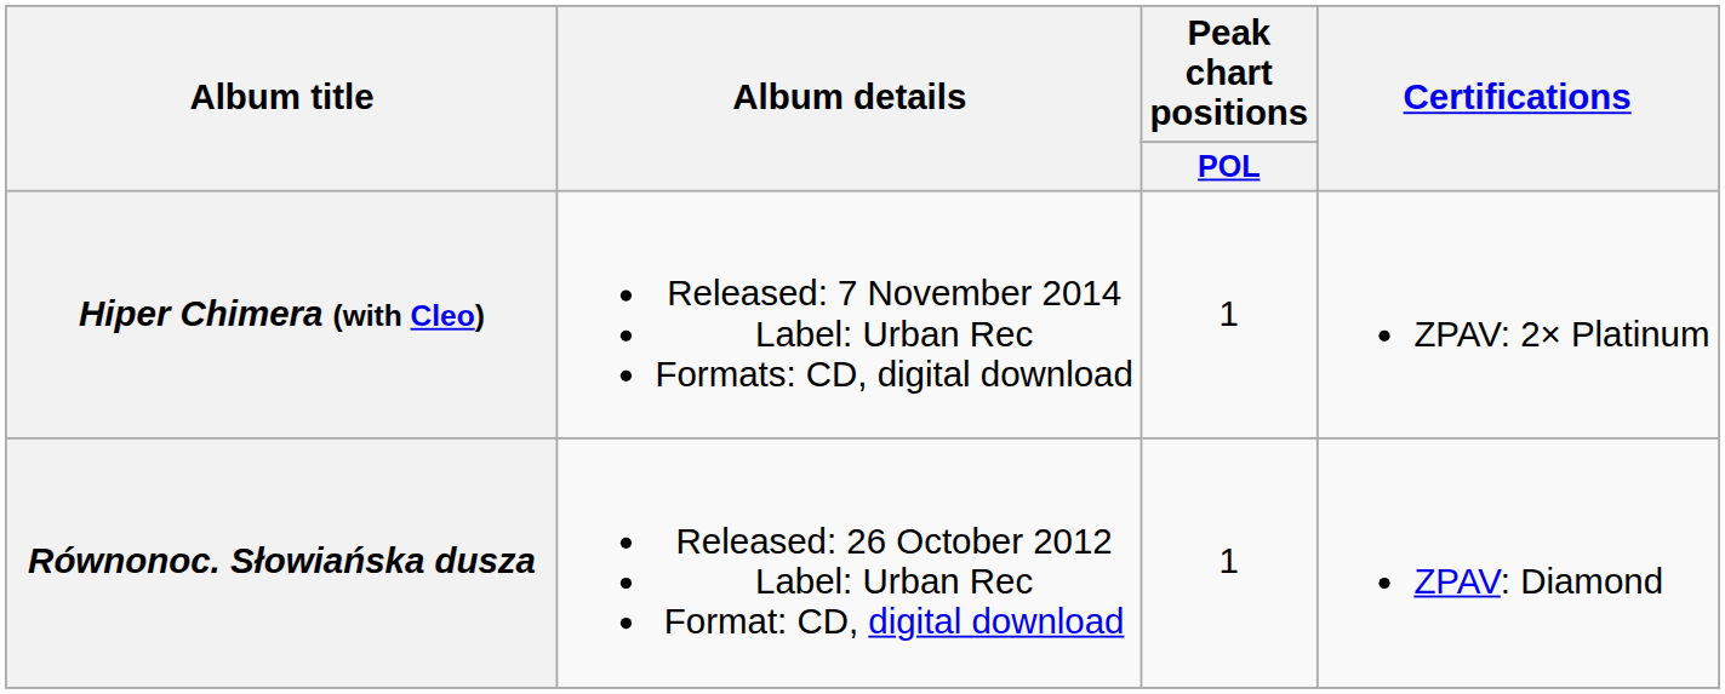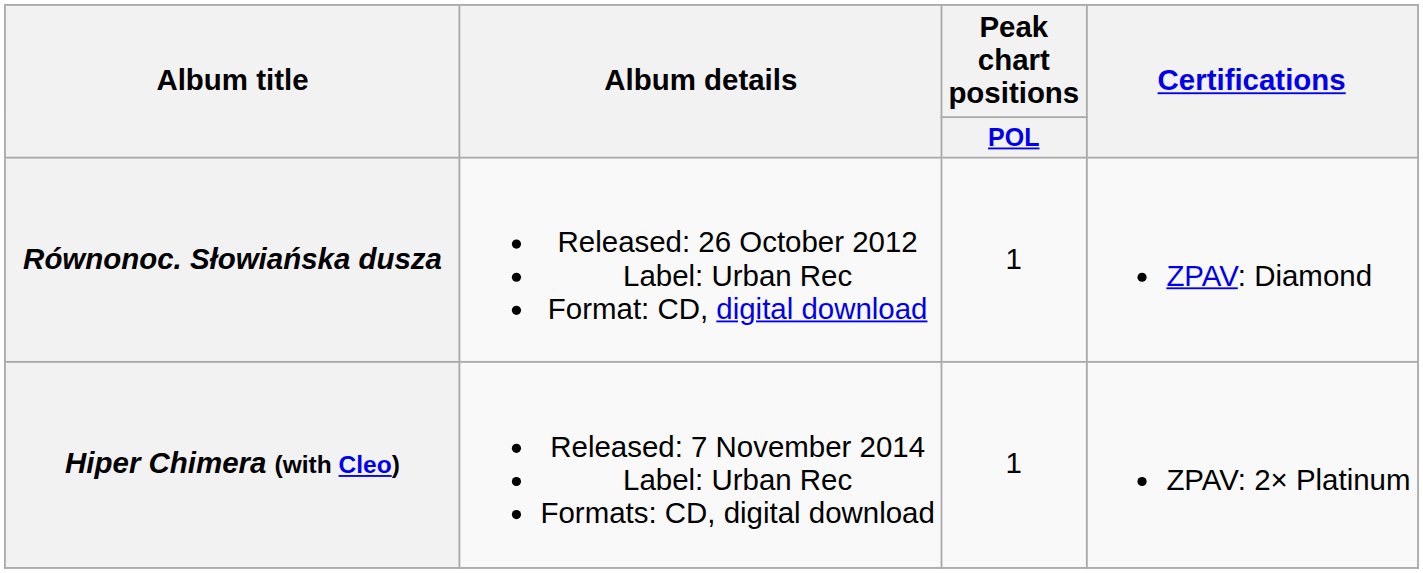 <table class="wikitable plainrowheaders" style="text-align:center;">
 <tr>
 <th rowspan="2" style="width:15em;">Album title</th>
 <th rowspan="2">Album details</th>
 <th>Peak chart positions</th>
 <th rowspan="2"><a href='#'>Certifications</a></th>
 </tr>
 <tr>
 <th style="width:3em;font-size:85%;"><a href='#'>POL</a><br></th>
 </tr>
 <tr>
+<th scope="row"><em>Równonoc. Słowiańska dusza</em></th>
+<td><br><ul><li>Released: 26 October 2012</li><li>Label: Urban Rec</li><li>Format: CD, <a href='#'>digital download</a></li></ul></td>
+<td>1</td>
+<td style="text-align:left;"><br><ul><li><a href='#'>ZPAV</a>: Diamond</li></ul></td>
+</tr>
+<tr>
 <th scope="row"><em>Hiper Chimera</em> <small>(with <a href='#'>Cleo</a>)</small></th>
 <td><br><ul><li>Released: 7 November 2014</li><li>Label: Urban Rec</li><li>Formats: CD, digital download</li></ul></td>
 <td>1</td>
 <td style="text-align:left;"><br><ul><li>ZPAV: 2× Platinum</li></ul></td>
 </tr>
-<tr>
-<th scope="row"><em>Równonoc. Słowiańska dusza</em></th>
-<td><br><ul><li>Released: 26 October 2012</li><li>Label: Urban Rec</li><li>Format: CD, <a href='#'>digital download</a></li></ul></td>
-<td>1</td>
-<td style="text-align:left;"><br><ul><li><a href='#'>ZPAV</a>: Diamond</li></ul></td>
-</tr>
 </table>
